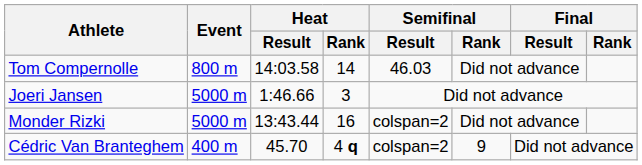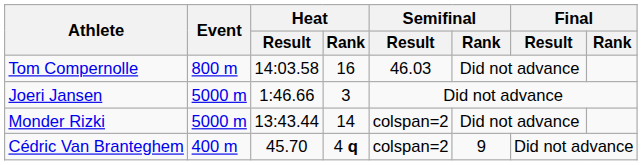 <table class=wikitable style="font-size:90%">
 <tr>
 <th rowspan="2">Athlete</th>
 <th rowspan="2">Event</th>
 <th colspan="2">Heat</th>
 <th colspan="2">Semifinal</th>
 <th colspan="2">Final</th>
 </tr>
 <tr style="font-size:95%">
 <th>Result</th>
 <th>Rank</th>
 <th>Result</th>
 <th>Rank</th>
 <th>Result</th>
 <th>Rank</th>
 </tr>
 <tr align=center>
 <td align=left><a href='#'>Tom Compernolle</a></td>
 <td align=left><a href='#'>800 m</a></td>
 <td>14:03.58</td>
-<td>14</td>
+<td>16</td>
 <td>46.03</td>
 <td colspan=2>Did not advance</td>
 </tr>
 <tr align=center>
 <td align=left><a href='#'>Joeri Jansen</a></td>
 <td align=left><a href='#'>5000 m</a></td>
 <td>1:46.66</td>
 <td>3</td>
 <td colspan=4>Did not advance</td>
 </tr>
 <tr align=center>
 <td align=left><a href='#'>Monder Rizki</a></td>
 <td align=left><a href='#'>5000 m</a></td>
 <td>13:43.44</td>
-<td>16</td>
+<td>14</td>
 <td>colspan=2 </td>
 <td colspan=2>Did not advance</td>
 </tr>
 <tr align=center>
 <td align=left><a href='#'>Cédric Van Branteghem</a></td>
 <td align=left><a href='#'>400 m</a></td>
 <td>45.70</td>
 <td>4 <strong>q</strong></td>
 <td>colspan=2 </td>
 <td>9</td>
 <td colspan=2>Did not advance</td>
 </tr>
 </table>
